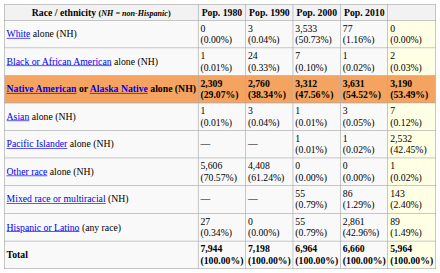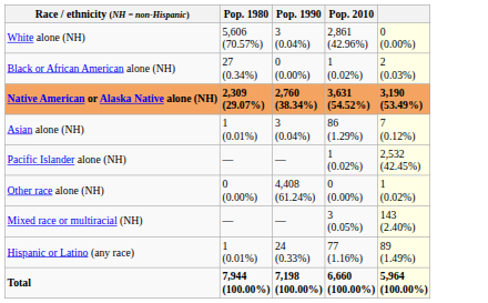 <table class="wikitable sortable collapsible" style="font-size: 95%;">
 <tr>
 <th>Race / ethnicity <small>(<em>NH = non-Hispanic</em>)</small></th>
 <th>Pop. 1980</th>
 <th>Pop. 1990</th>
-<th>Pop. 2000</th>
 <th>Pop. 2010</th>
 <th></th>
 </tr>
 <tr>
 <td><a href='#'>White</a> alone (NH)</td>
-<td>0<br>(0.00%)</td>
+<td>5,606<br>(70.57%)</td>
 <td>3<br>(0.04%)</td>
-<td>3,533<br>(50.73%)</td>
-<td>77<br>(1.16%)</td>
+<td>2,861<br>(42.96%)</td>
 <td style='background: #ffffe6;'>0<br>(0.00%)</td>
 </tr>
 <tr>
 <td><a href='#'>Black or African American</a> alone (NH)</td>
-<td>1<br>(0.01%)</td>
-<td>24<br>(0.33%)</td>
-<td>7<br>(0.10%)</td>
+<td>27<br>(0.34%)</td>
+<td>0<br>(0.00%)</td>
 <td>1<br>(0.02%)</td>
 <td style='background: #ffffe6;'>2<br>(0.03%)</td>
 </tr>
 <tr style='background: #F4A460;'>
 <td><strong><a href='#'>Native American</a> or <a href='#'>Alaska Native</a> alone (NH)</strong></td>
 <td><strong>2,309<br>(29.07%)</strong></td>
 <td><strong>2,760<br>(38.34%)</strong></td>
-<td><strong>3,312<br>(47.56%)</strong></td>
 <td><strong>3,631<br>(54.52%)</strong></td>
 <td><strong>3,190<br>(53.49%)</strong></td>
 </tr>
 <tr>
 <td><a href='#'>Asian</a> alone (NH)</td>
 <td>1<br>(0.01%)</td>
 <td>3<br>(0.04%)</td>
-<td>1<br>(0.01%)</td>
-<td>3<br>(0.05%)</td>
+<td>86<br>(1.29%)</td>
 <td style='background: #ffffe6;'>7<br>(0.12%)</td>
 </tr>
 <tr>
 <td><a href='#'>Pacific Islander</a> alone (NH)</td>
 <td>—</td>
 <td>—</td>
-<td>1<br>(0.01%)</td>
 <td>1<br>(0.02%)</td>
 <td style='background: #ffffe6;'>2,532<br>(42.45%)</td>
 </tr>
 <tr>
 <td><a href='#'>Other race</a> alone (NH)</td>
-<td>5,606<br>(70.57%)</td>
+<td>0<br>(0.00%)</td>
 <td>4,408<br>(61.24%)</td>
-<td>0<br>(0.00%)</td>
 <td>0<br>(0.00%)</td>
 <td style='background: #ffffe6;'>1<br>(0.02%)</td>
 </tr>
 <tr>
 <td><a href='#'>Mixed race or multiracial</a> (NH)</td>
 <td>—</td>
 <td>—</td>
-<td>55<br>(0.79%)</td>
-<td>86<br>(1.29%)</td>
+<td>3<br>(0.05%)</td>
 <td style='background: #ffffe6;'>143<br>(2.40%)</td>
 </tr>
 <tr>
 <td><a href='#'>Hispanic or Latino</a> (any race)</td>
-<td>27<br>(0.34%)</td>
-<td>0<br>(0.00%)</td>
-<td>55<br>(0.79%)</td>
-<td>2,861<br>(42.96%)</td>
+<td>1<br>(0.01%)</td>
+<td>24<br>(0.33%)</td>
+<td>77<br>(1.16%)</td>
 <td style='background: #ffffe6;'>89<br>(1.49%)</td>
 </tr>
 <tr>
 <td><strong>Total</strong></td>
 <td><strong>7,944<br>(100.00%)</strong></td>
 <td><strong>7,198<br>(100.00%)</strong></td>
-<td><strong>6,964<br>(100.00%)</strong></td>
 <td><strong>6,660<br>(100.00%)</strong></td>
 <td style='background: #ffffe6;'><strong>5,964<br>(100.00%)</strong></td>
 </tr>
 </table>
